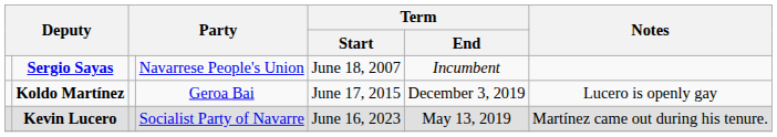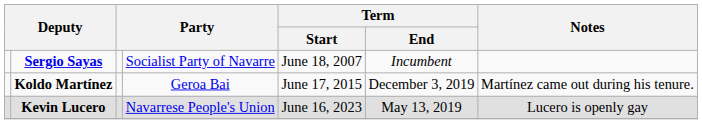 <table class="wikitable sortable" style="text-align:center">
 <tr>
 <th colspan="2" rowspan="2">Deputy</th>
 <th colspan="2" rowspan="2">Party</th>
 <th colspan="2">Term</th>
 <th rowspan="2">Notes</th>
 </tr>
 <tr>
 <th>Start</th>
 <th>End</th>
 </tr>
 <tr>
 <td></td>
 <td><strong><a href='#'>Sergio Sayas</a></strong></td>
 <td style="background-color:"></td>
-<td><a href='#'>Navarrese People's Union</a></td>
+<td><a href='#'>Socialist Party of Navarre</a></td>
 <td>June 18, 2007</td>
 <td><em>Incumbent</em></td>
 <td></td>
 </tr>
 <tr>
 <td></td>
 <td><strong>Koldo Martínez</strong></td>
 <td style="background-color:"></td>
 <td><a href='#'>Geroa Bai</a></td>
 <td>June 17, 2015</td>
 <td>December 3, 2019</td>
-<td>Lucero is openly gay</td>
+<td>Martínez came out during his tenure.</td>
 </tr>
 <tr style="background:#e0e0e0">
 <td></td>
 <td><strong>Kevin Lucero</strong></td>
 <td style="background-color:"></td>
-<td><a href='#'>Socialist Party of Navarre</a></td>
+<td><a href='#'>Navarrese People's Union</a></td>
 <td>June 16, 2023</td>
 <td>May 13, 2019</td>
-<td>Martínez came out during his tenure.</td>
+<td>Lucero is openly gay</td>
 </tr>
 <tr>
 </tr>
 </table>
